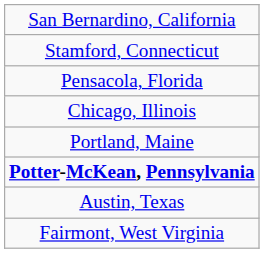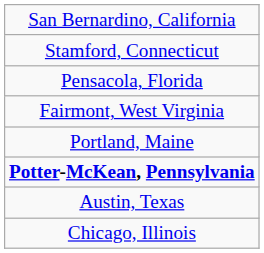 <table class="wikitable" style="text-align: center;">
 <tr>
 <td> <a href='#'>San Bernardino, California</a></td>
 </tr>
 <tr>
 <td> <a href='#'>Stamford, Connecticut</a></td>
 </tr>
 <tr>
 <td> <a href='#'>Pensacola, Florida</a></td>
 </tr>
 <tr>
-<td> <a href='#'>Chicago, Illinois</a></td>
+<td> <a href='#'>Fairmont, West Virginia</a></td>
 </tr>
 <tr>
 <td> <a href='#'>Portland, Maine</a></td>
 </tr>
 <tr>
 <td><strong> <a href='#'>Potter</a>-<a href='#'>McKean</a>, <a href='#'>Pennsylvania</a></strong></td>
 </tr>
 <tr>
 <td> <a href='#'>Austin, Texas</a></td>
 </tr>
 <tr>
-<td> <a href='#'>Fairmont, West Virginia</a></td>
+<td> <a href='#'>Chicago, Illinois</a></td>
 </tr>
 </table>
